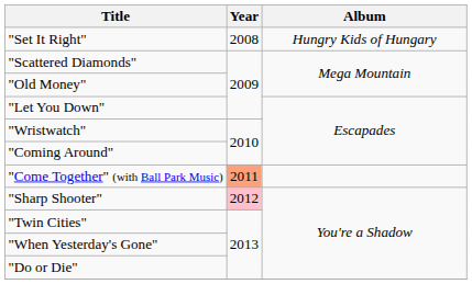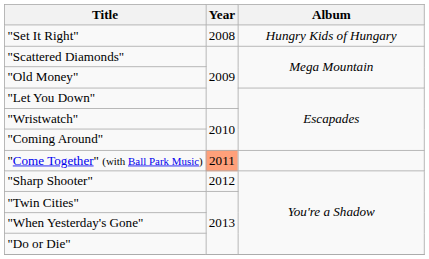 <table class="wikitable" style="text-align:center;">
 <tr>
 <th scope="col">Title</th>
 <th scope="col">Year</th>
 <th scope="col" width="220">Album</th>
 </tr>
 <tr>
 <td align="left">"Set It Right"</td>
 <td>2008</td>
 <td><em>Hungry Kids of Hungary</em></td>
 </tr>
 <tr>
 <td align="left">"Scattered Diamonds"</td>
 <td rowspan="3">2009</td>
 <td rowspan="2"><em>Mega Mountain</em></td>
 </tr>
 <tr>
 <td align="left">"Old Money"</td>
 </tr>
 <tr>
 <td align="left">"Let You Down"</td>
 <td rowspan="3"><em>Escapades</em></td>
 </tr>
 <tr>
 <td align="left">"Wristwatch"</td>
 <td rowspan="2">2010</td>
 </tr>
 <tr>
 <td align="left">"Coming Around"</td>
 </tr>
 <tr>
 <td align="left">"<a href='#'>Come Together</a>" <small>(with <a href='#'>Ball Park Music</a>)</small></td>
 <td rowspan="1" style="background: lightsalmon;">2011</td>
 <td></td>
 </tr>
 <tr>
 <td align="left">"Sharp Shooter"</td>
-<td style="background: pink;">2012</td>
+<td>2012</td>
 <td rowspan="4"><em>You're a Shadow</em></td>
 </tr>
 <tr>
 <td align="left">"Twin Cities"</td>
 <td rowspan="3">2013</td>
 </tr>
 <tr>
 <td align="left">"When Yesterday's Gone"</td>
 </tr>
 <tr>
 <td align="left">"Do or Die"</td>
 </tr>
 <tr>
 </tr>
 </table>
